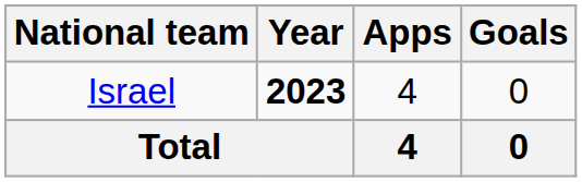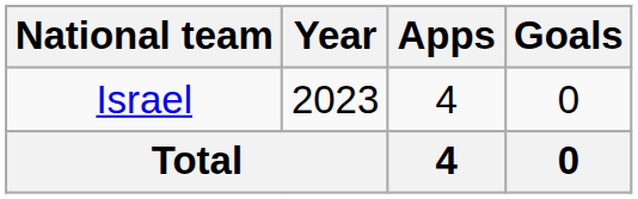 <table class="wikitable" style="text-align:center">
 <tr>
 <th>National team</th>
 <th>Year</th>
 <th>Apps</th>
 <th>Goals</th>
 </tr>
 <tr>
 <td rowspan="1"><a href='#'>Israel</a></td>
-<td><strong>2023</strong></td>
+<td>2023</td>
 <td>4</td>
 <td>0</td>
 </tr>
 <tr>
 <th colspan="2">Total</th>
 <th>4</th>
 <th>0</th>
 </tr>
 </table>
